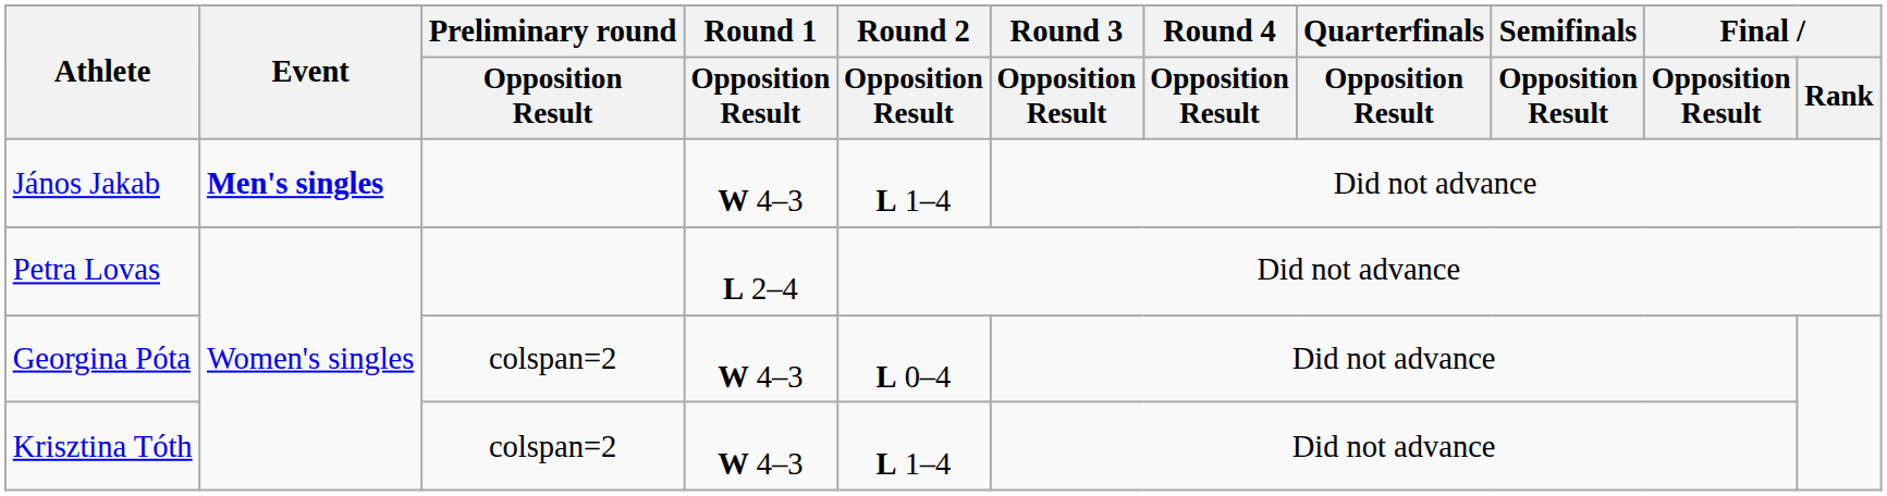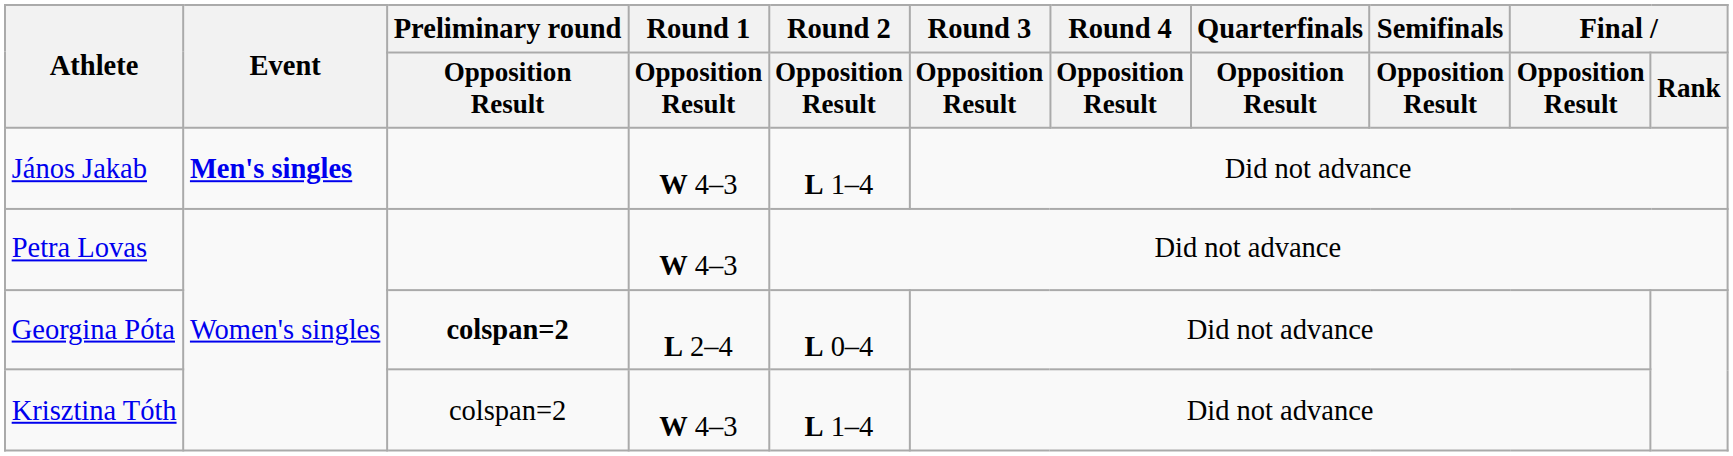 <table class="wikitable" style="font-size:90%">
 <tr>
 <th rowspan="2">Athlete</th>
 <th rowspan="2">Event</th>
 <th>Preliminary round</th>
 <th>Round 1</th>
 <th>Round 2</th>
 <th>Round 3</th>
 <th>Round 4</th>
 <th>Quarterfinals</th>
 <th>Semifinals</th>
 <th colspan=2>Final / </th>
 </tr>
 <tr style="font-size:95%">
 <th>Opposition<br>Result</th>
 <th>Opposition<br>Result</th>
 <th>Opposition<br>Result</th>
 <th>Opposition<br>Result</th>
 <th>Opposition<br>Result</th>
 <th>Opposition<br>Result</th>
 <th>Opposition<br>Result</th>
 <th>Opposition<br>Result</th>
 <th>Rank</th>
 </tr>
 <tr align=center>
 <td align=left><a href='#'>János Jakab</a></td>
 <td align=left><strong><a href='#'>Men's singles</a></strong></td>
 <td></td>
 <td><br><strong>W</strong> 4–3</td>
 <td><br><strong>L</strong> 1–4</td>
 <td colspan=6>Did not advance</td>
 </tr>
 <tr align=center>
 <td align=left><a href='#'>Petra Lovas</a></td>
 <td align=left rowspan=3><a href='#'>Women's singles</a></td>
 <td></td>
-<td><br><strong>L</strong> 2–4</td>
+<td><br><strong>W</strong> 4–3</td>
 <td colspan=7>Did not advance</td>
 </tr>
 <tr align=center>
 <td align=left><a href='#'>Georgina Póta</a></td>
-<td>colspan=2 </td>
-<td><br><strong>W</strong> 4–3</td>
+<td><strong>colspan=2 </strong></td>
+<td><br><strong>L</strong> 2–4</td>
 <td><br><strong>L</strong> 0–4</td>
 <td colspan=5>Did not advance</td>
 </tr>
 <tr align=center>
 <td align=left><a href='#'>Krisztina Tóth</a></td>
 <td>colspan=2 </td>
 <td><br><strong>W</strong> 4–3</td>
 <td><br><strong>L</strong> 1–4</td>
 <td colspan=5>Did not advance</td>
 </tr>
 </table>
